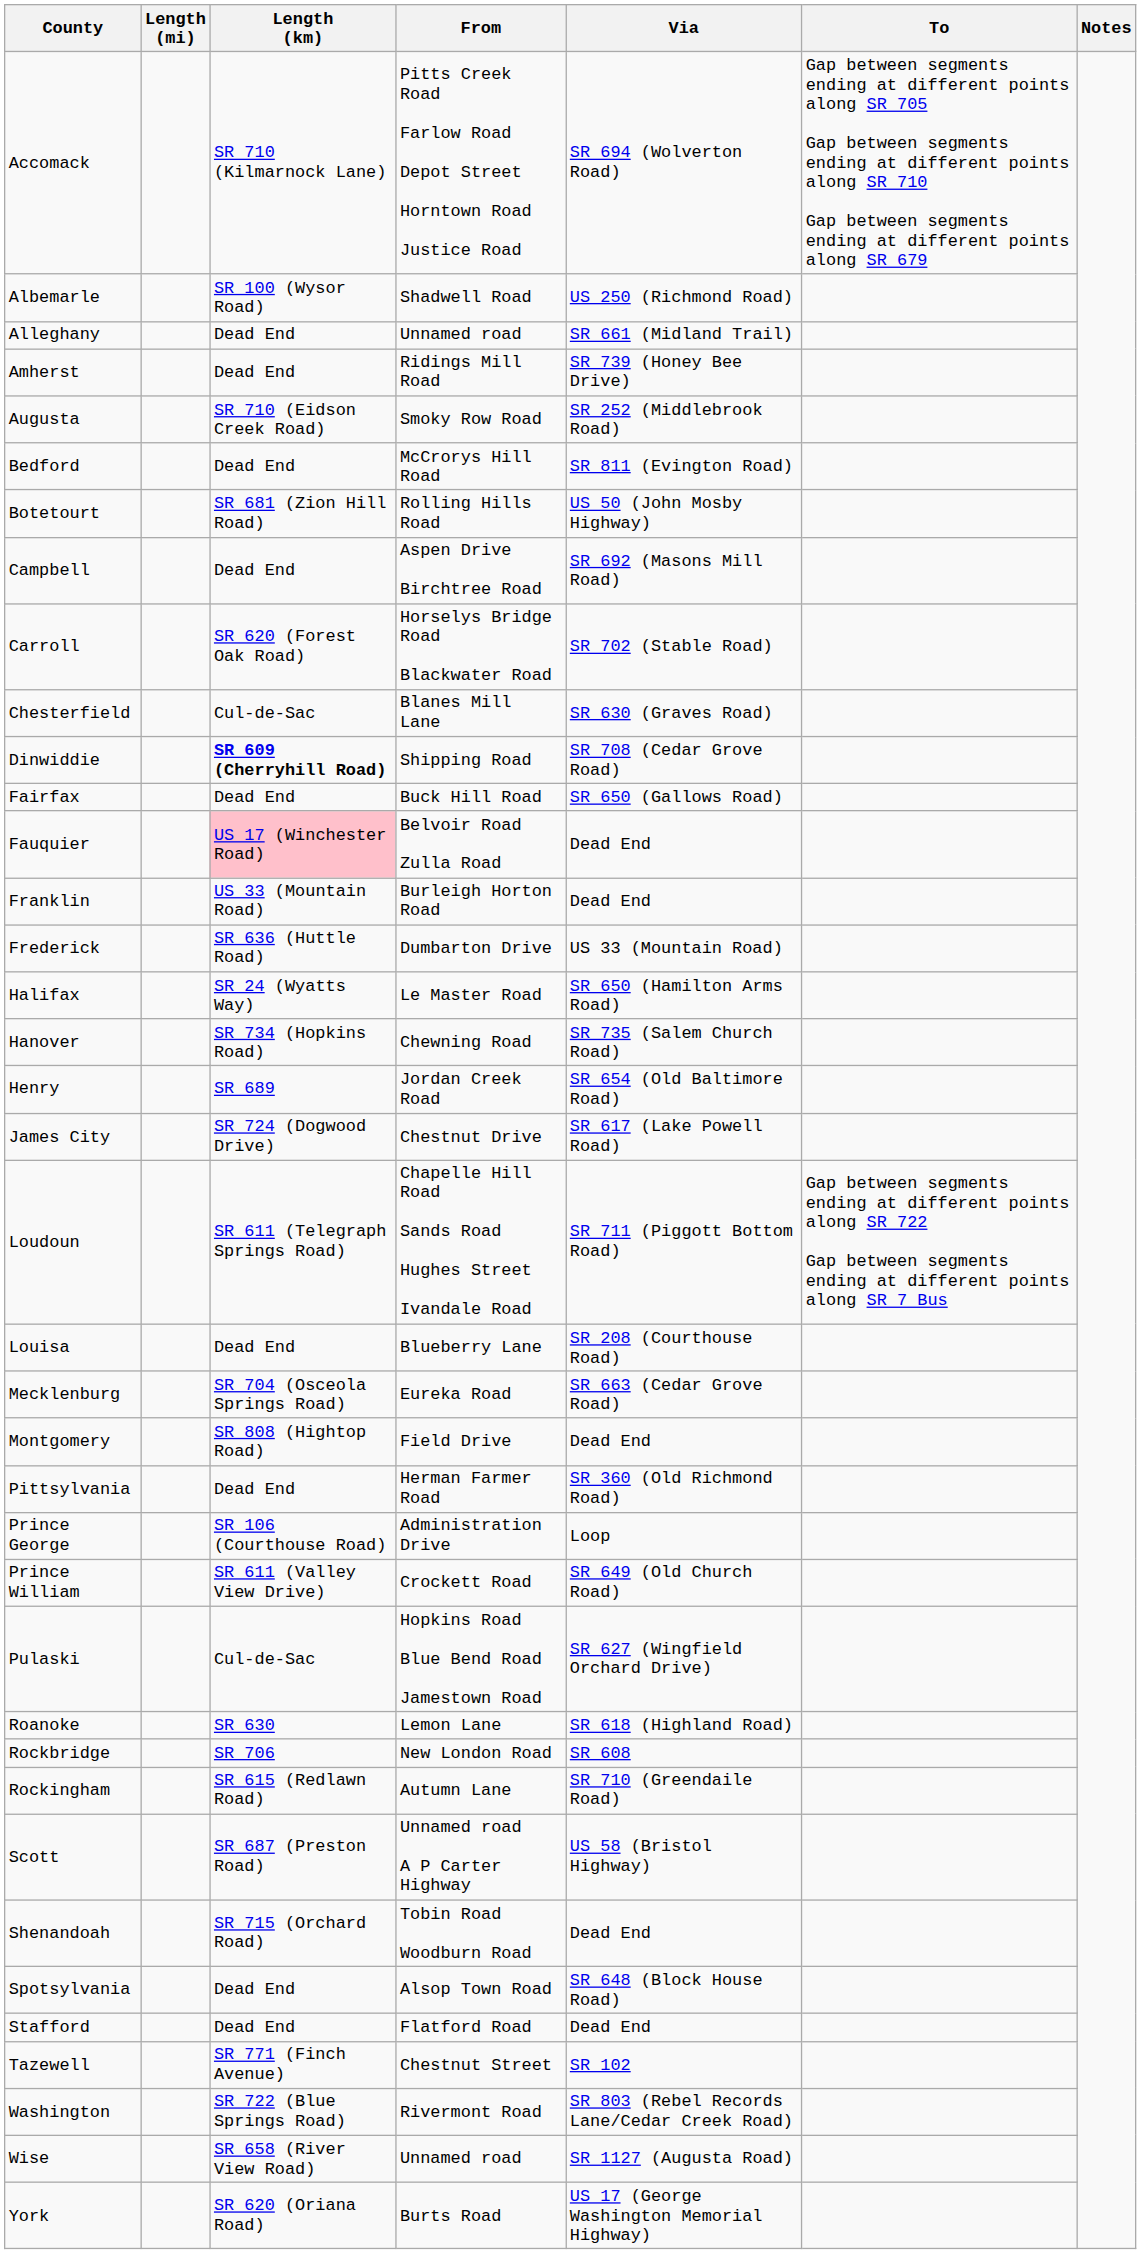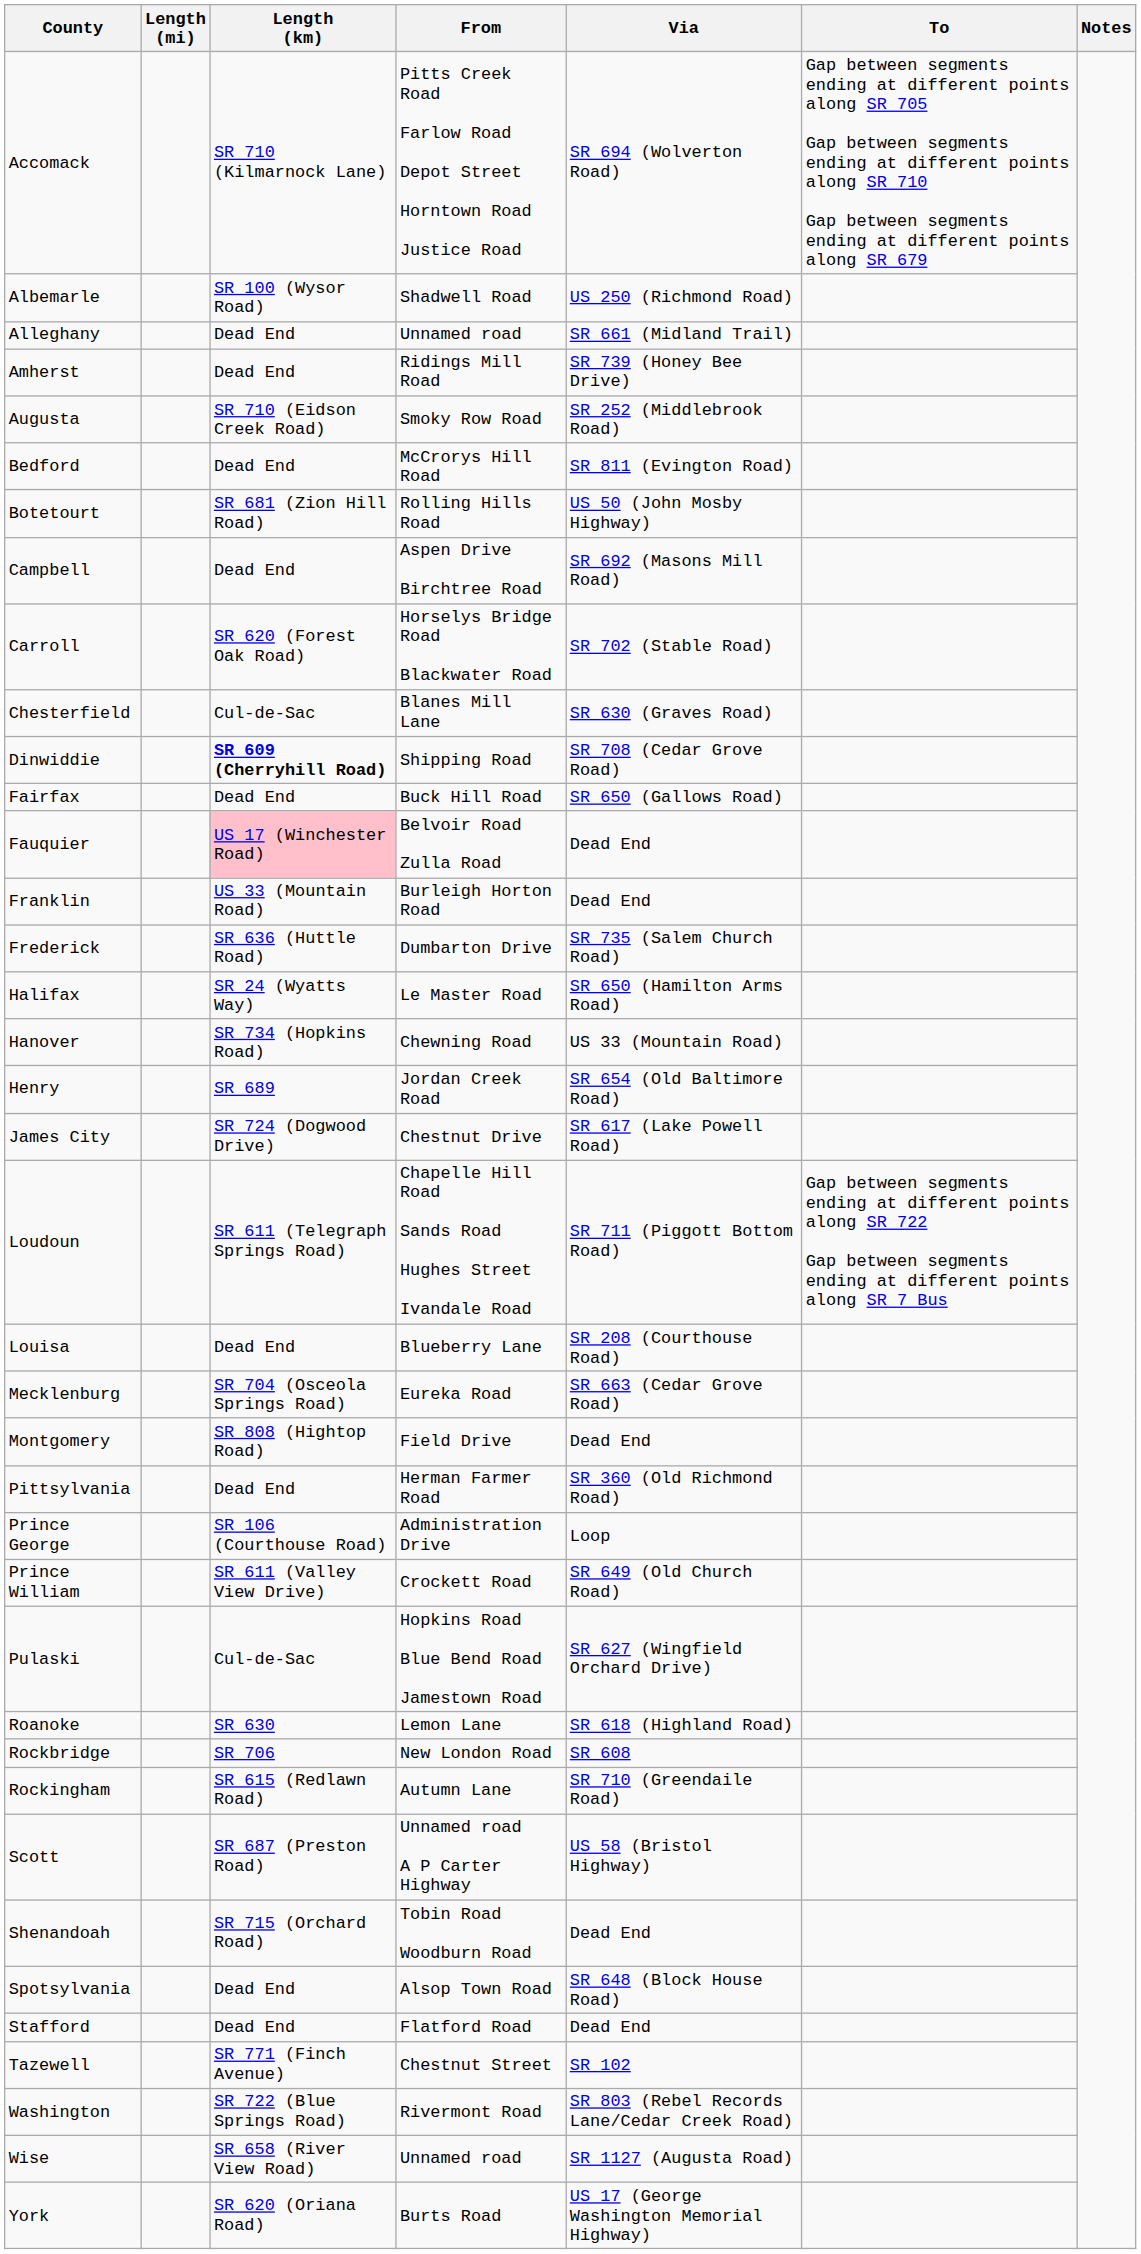 <table class="wikitable sortable">
 <tr>
 <th>County</th>
 <th>Length<br>(mi)</th>
 <th>Length<br>(km)</th>
 <th class="unsortable">From</th>
 <th class="unsortable">Via</th>
 <th class="unsortable">To</th>
 <th class="unsortable">Notes</th>
 </tr>
 <tr>
 <td id="Accomack">Accomack</td>
 <td></td>
 <td><a href='#'>SR 710</a> (Kilmarnock Lane)</td>
 <td>Pitts Creek Road<br><br>Farlow Road<br><br>Depot Street<br><br>Horntown Road<br><br>Justice Road</td>
 <td><a href='#'>SR 694</a> (Wolverton Road)</td>
 <td>Gap between segments ending at different points along <a href='#'>SR 705</a><br><br>Gap between segments ending at different points along <a href='#'>SR 710</a><br><br>Gap between segments ending at different points along <a href='#'>SR 679</a></td>
 </tr>
 <tr>
 <td id="Albemarle">Albemarle</td>
 <td></td>
 <td><a href='#'>SR 100</a> (Wysor Road)</td>
 <td>Shadwell Road</td>
 <td><a href='#'>US 250</a> (Richmond Road)</td>
 <td></td>
 </tr>
 <tr>
 <td id="Alleghany">Alleghany</td>
 <td></td>
 <td>Dead End</td>
 <td>Unnamed road</td>
 <td><a href='#'>SR 661</a> (Midland Trail)</td>
 <td><br></td>
 </tr>
 <tr>
 <td id="Amherst">Amherst</td>
 <td></td>
 <td>Dead End</td>
 <td>Ridings Mill Road</td>
 <td><a href='#'>SR 739</a> (Honey Bee Drive)</td>
 <td><br> </td>
 </tr>
 <tr>
 <td id="Augusta">Augusta</td>
 <td></td>
 <td><a href='#'>SR 710</a> (Eidson Creek Road)</td>
 <td>Smoky Row Road</td>
 <td><a href='#'>SR 252</a> (Middlebrook Road)</td>
 <td><br></td>
 </tr>
 <tr>
 <td id="Bedford">Bedford</td>
 <td></td>
 <td>Dead End</td>
 <td>McCrorys Hill Road</td>
 <td><a href='#'>SR 811</a> (Evington Road)</td>
 <td><br></td>
 </tr>
 <tr>
 <td id="Botetourt">Botetourt</td>
 <td></td>
 <td><a href='#'>SR 681</a> (Zion Hill Road)</td>
 <td>Rolling Hills Road</td>
 <td><a href='#'>US 50</a> (John Mosby Highway)</td>
 <td><br>  </td>
 </tr>
 <tr>
 <td id="Campbell">Campbell</td>
 <td></td>
 <td>Dead End</td>
 <td>Aspen Drive<br><br>Birchtree Road</td>
 <td><a href='#'>SR 692</a> (Masons Mill Road)</td>
 <td><br></td>
 </tr>
 <tr>
 <td id="Carroll">Carroll</td>
 <td></td>
 <td><a href='#'>SR 620</a> (Forest Oak Road)</td>
 <td>Horselys Bridge Road<br><br>Blackwater Road</td>
 <td><a href='#'>SR 702</a> (Stable Road)</td>
 <td><br> </td>
 </tr>
 <tr>
 <td id="Chesterfield">Chesterfield</td>
 <td></td>
 <td>Cul-de-Sac</td>
 <td>Blanes Mill Lane</td>
 <td><a href='#'>SR 630</a> (Graves Road)</td>
 <td><br>    </td>
 </tr>
 <tr>
 <td id="Dinwiddie">Dinwiddie</td>
 <td></td>
 <td><strong><a href='#'>SR 609</a> (Cherryhill Road)</strong></td>
 <td>Shipping Road</td>
 <td><a href='#'>SR 708</a> (Cedar Grove Road)</td>
 <td><br></td>
 </tr>
 <tr>
 <td id="Fairfax">Fairfax</td>
 <td></td>
 <td>Dead End</td>
 <td>Buck Hill Road</td>
 <td><a href='#'>SR 650</a> (Gallows Road)</td>
 <td></td>
 </tr>
 <tr>
 <td id="Fauquier">Fauquier</td>
 <td></td>
 <td style="background: pink;"><a href='#'>US 17</a> (Winchester Road)</td>
 <td>Belvoir Road<br><br>Zulla Road</td>
 <td>Dead End</td>
 <td><br> </td>
 </tr>
 <tr>
 <td id="Franklin">Franklin</td>
 <td></td>
 <td><a href='#'>US 33</a> (Mountain Road)</td>
 <td>Burleigh Horton Road</td>
 <td>Dead End</td>
 <td></td>
 </tr>
 <tr>
 <td id="Frederick">Frederick</td>
 <td></td>
 <td><a href='#'>SR 636</a> (Huttle Road)</td>
 <td>Dumbarton Drive</td>
-<td>US 33 (Mountain Road)</td>
+<td><a href='#'>SR 735</a> (Salem Church Road)</td>
 <td><br>     </td>
 </tr>
 <tr>
 <td id="Halifax">Halifax</td>
 <td></td>
 <td><a href='#'>SR 24</a> (Wyatts Way)</td>
 <td>Le Master Road</td>
 <td><a href='#'>SR 650</a> (Hamilton Arms Road)</td>
 <td></td>
 </tr>
 <tr>
 <td id="Hanover">Hanover</td>
 <td></td>
 <td><a href='#'>SR 734</a> (Hopkins Road)</td>
 <td>Chewning Road</td>
-<td><a href='#'>SR 735</a> (Salem Church Road)</td>
+<td>US 33 (Mountain Road)</td>
 <td><br></td>
 </tr>
 <tr>
 <td id="Henry">Henry</td>
 <td></td>
 <td><a href='#'>SR 689</a></td>
 <td>Jordan Creek Road</td>
 <td><a href='#'>SR 654</a> (Old Baltimore Road)</td>
 <td><br> </td>
 </tr>
 <tr>
 <td id="James City">James City</td>
 <td></td>
 <td><a href='#'>SR 724</a> (Dogwood Drive)</td>
 <td>Chestnut Drive</td>
 <td><a href='#'>SR 617</a> (Lake Powell Road)</td>
 <td><br>    </td>
 </tr>
 <tr>
 <td id="Loudoun">Loudoun</td>
 <td></td>
 <td><a href='#'>SR 611</a> (Telegraph Springs Road)</td>
 <td>Chapelle Hill Road<br><br>Sands Road<br><br>Hughes Street<br><br>Ivandale Road</td>
 <td><a href='#'>SR 711</a> (Piggott Bottom Road)</td>
 <td>Gap between segments ending at different points along <a href='#'>SR 722</a><br><br>Gap between segments ending at different points along <a href='#'>SR 7 Bus</a></td>
 </tr>
 <tr>
 <td id="Louisa">Louisa</td>
 <td></td>
 <td>Dead End</td>
 <td>Blueberry Lane</td>
 <td><a href='#'>SR 208</a> (Courthouse Road)</td>
 <td><br>  </td>
 </tr>
 <tr>
 <td id="Mecklenburg">Mecklenburg</td>
 <td></td>
 <td><a href='#'>SR 704</a> (Osceola Springs Road)</td>
 <td>Eureka Road</td>
 <td><a href='#'>SR 663</a> (Cedar Grove Road)</td>
 <td><br></td>
 </tr>
 <tr>
 <td id="Montgomery">Montgomery</td>
 <td></td>
 <td><a href='#'>SR 808</a> (Hightop Road)</td>
 <td>Field Drive</td>
 <td>Dead End</td>
 <td><br>       </td>
 </tr>
 <tr>
 <td id="Pittsylvania">Pittsylvania</td>
 <td></td>
 <td>Dead End</td>
 <td>Herman Farmer Road</td>
 <td><a href='#'>SR 360</a> (Old Richmond Road)</td>
 <td><br> </td>
 </tr>
 <tr>
 <td id="Prince George">Prince George</td>
 <td></td>
 <td><a href='#'>SR 106</a> (Courthouse Road)</td>
 <td>Administration Drive</td>
 <td>Loop</td>
 <td></td>
 </tr>
 <tr>
 <td id="Prince William">Prince William</td>
 <td></td>
 <td><a href='#'>SR 611</a> (Valley View Drive)</td>
 <td>Crockett Road</td>
 <td><a href='#'>SR 649</a> (Old Church Road)</td>
 <td></td>
 </tr>
 <tr>
 <td id="Pulaski">Pulaski</td>
 <td></td>
 <td>Cul-de-Sac</td>
 <td>Hopkins Road<br><br>Blue Bend Road<br><br>Jamestown Road</td>
 <td><a href='#'>SR 627</a> (Wingfield Orchard Drive)</td>
 <td><br> </td>
 </tr>
 <tr>
 <td id="Roanoke">Roanoke</td>
 <td></td>
 <td><a href='#'>SR 630</a></td>
 <td>Lemon Lane</td>
 <td><a href='#'>SR 618</a> (Highland Road)</td>
 <td></td>
 </tr>
 <tr>
 <td id="Rockbridge">Rockbridge</td>
 <td></td>
 <td><a href='#'>SR 706</a></td>
 <td>New London Road</td>
 <td><a href='#'>SR 608</a></td>
 <td></td>
 </tr>
 <tr>
 <td id="Rockingham">Rockingham</td>
 <td></td>
 <td><a href='#'>SR 615</a> (Redlawn Road)</td>
 <td>Autumn Lane</td>
 <td><a href='#'>SR 710</a> (Greendaile Road)</td>
 <td><br></td>
 </tr>
 <tr>
 <td id="Scott">Scott</td>
 <td></td>
 <td><a href='#'>SR 687</a> (Preston Road)</td>
 <td>Unnamed road<br><br>A P Carter Highway</td>
 <td><a href='#'>US 58</a> (Bristol Highway)</td>
 <td></td>
 </tr>
 <tr>
 <td id="Shenandoah">Shenandoah</td>
 <td></td>
 <td><a href='#'>SR 715</a> (Orchard Road)</td>
 <td>Tobin Road<br><br>Woodburn Road</td>
 <td>Dead End</td>
 <td><br> </td>
 </tr>
 <tr>
 <td id="Spotsylvania">Spotsylvania</td>
 <td></td>
 <td>Dead End</td>
 <td>Alsop Town Road</td>
 <td><a href='#'>SR 648</a> (Block House Road)</td>
 <td></td>
 </tr>
 <tr>
 <td id="Stafford">Stafford</td>
 <td></td>
 <td>Dead End</td>
 <td>Flatford Road</td>
 <td>Dead End</td>
 <td><br> </td>
 </tr>
 <tr>
 <td id="Tazewell">Tazewell</td>
 <td></td>
 <td><a href='#'>SR 771</a> (Finch Avenue)</td>
 <td>Chestnut Street</td>
 <td><a href='#'>SR 102</a></td>
 <td><br></td>
 </tr>
 <tr>
 <td id="Washington">Washington</td>
 <td></td>
 <td><a href='#'>SR 722</a> (Blue Springs Road)</td>
 <td>Rivermont Road</td>
 <td><a href='#'>SR 803</a> (Rebel Records Lane/Cedar Creek Road)</td>
 <td><br></td>
 </tr>
 <tr>
 <td id="Wise">Wise</td>
 <td></td>
 <td><a href='#'>SR 658</a> (River View Road)</td>
 <td>Unnamed road</td>
 <td><a href='#'>SR 1127</a> (Augusta Road)</td>
 <td><br></td>
 </tr>
 <tr>
 <td id="York">York</td>
 <td></td>
 <td><a href='#'>SR 620</a> (Oriana Road)</td>
 <td>Burts Road</td>
 <td><a href='#'>US 17</a> (George Washington Memorial Highway)</td>
 <td></td>
 </tr>
 </table>
